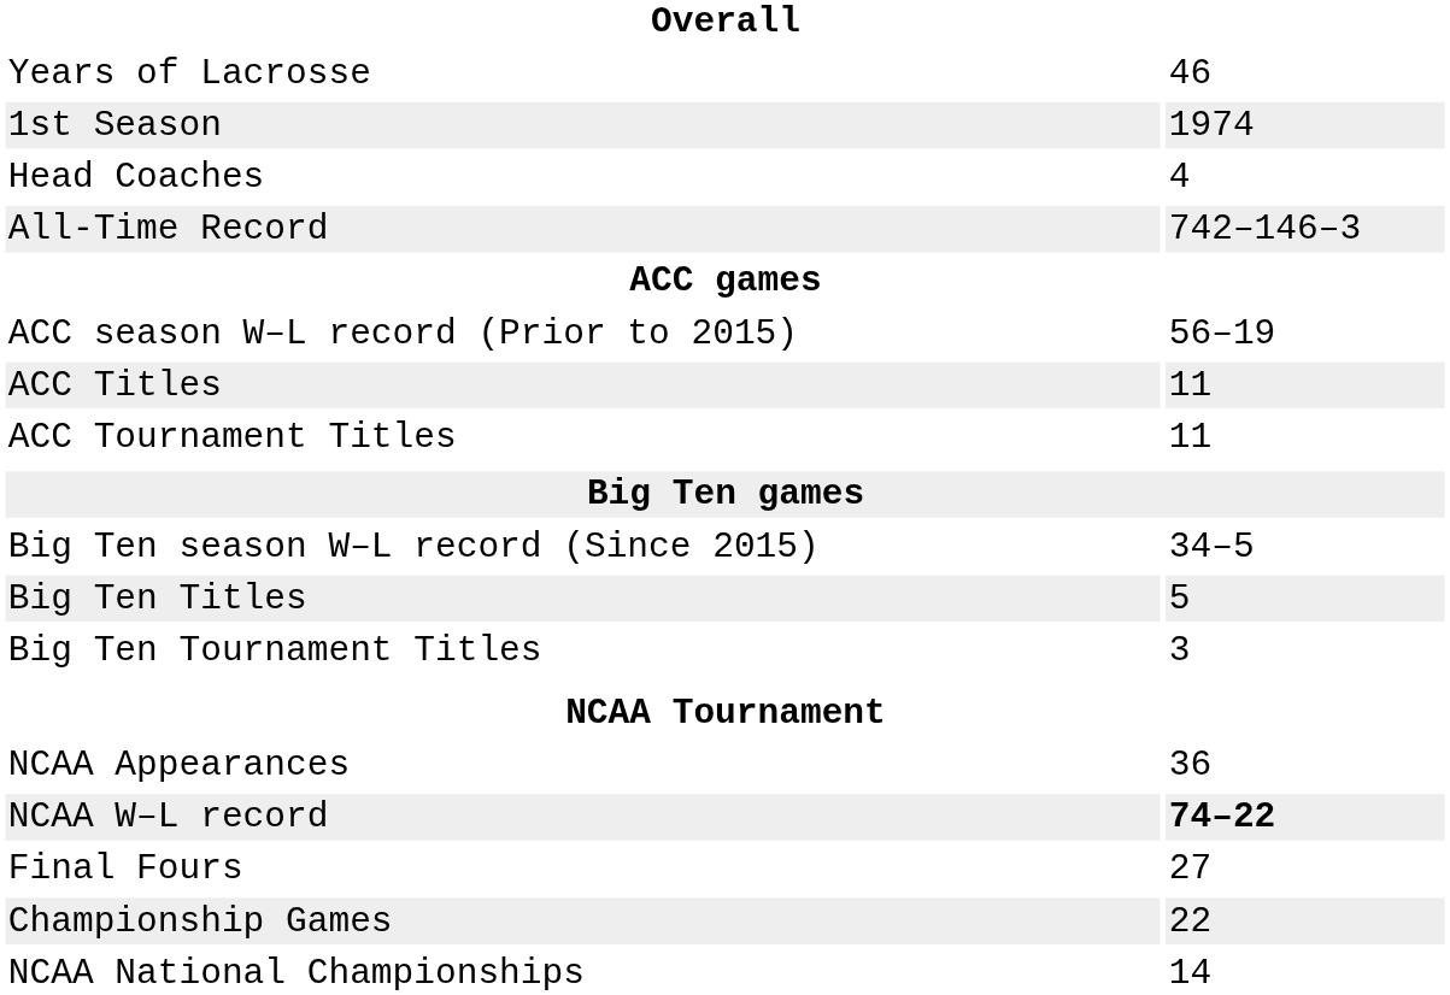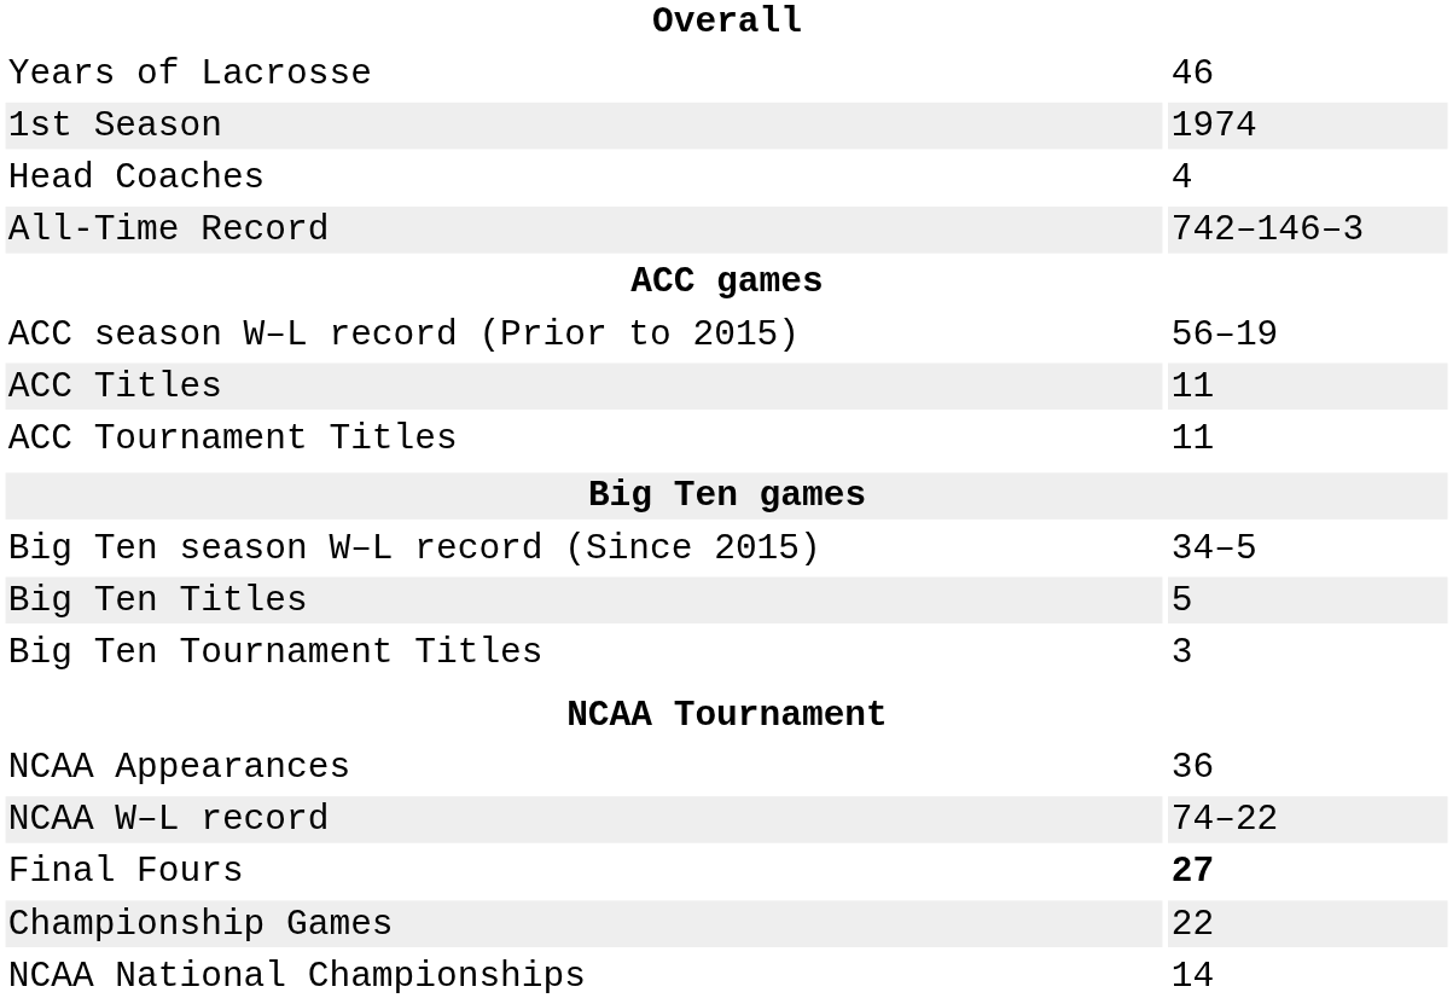 <table width=60% class="toccolours">
 <tr>
 <th colspan=2>Overall</th>
 </tr>
 <tr>
 <td>Years of Lacrosse</td>
 <td>46</td>
 </tr>
 <tr bgcolor=#eeeeee>
 <td>1st Season</td>
 <td>1974</td>
 </tr>
 <tr>
 <td>Head Coaches</td>
 <td>4</td>
 </tr>
 <tr bgcolor=#eeeeee>
 <td>All-Time Record</td>
 <td>742–146–3</td>
 </tr>
 <tr>
 <th colspan=2>ACC games</th>
 </tr>
 <tr>
 <td>ACC season W–L record (Prior to 2015)</td>
 <td>56–19</td>
 </tr>
 <tr bgcolor=#eeeeee>
 <td>ACC Titles</td>
 <td>11</td>
 </tr>
 <tr>
 <td>ACC Tournament Titles</td>
 <td>11</td>
 </tr>
 <tr>
 </tr>
 <tr bgcolor=#eeeeee>
 <th colspan=2>Big Ten games</th>
 </tr>
 <tr>
 <td>Big Ten season W–L record (Since 2015)</td>
 <td>34–5</td>
 </tr>
 <tr bgcolor=#eeeeee>
 <td>Big Ten Titles</td>
 <td>5</td>
 </tr>
 <tr>
 <td>Big Ten Tournament Titles</td>
 <td>3</td>
 </tr>
 <tr>
 </tr>
 <tr bgcolor=#eeeeee>
 </tr>
 <tr>
 <th colspan=2>NCAA Tournament</th>
 </tr>
 <tr>
 <td>NCAA Appearances</td>
 <td>36</td>
 </tr>
 <tr bgcolor=#eeeeee>
 <td>NCAA W–L record</td>
-<td><strong>74–22</strong></td>
+<td>74–22</td>
 </tr>
 <tr>
 <td>Final Fours</td>
-<td>27</td>
+<td><strong>27</strong></td>
 </tr>
 <tr bgcolor=#eeeeee>
 <td>Championship Games</td>
 <td>22</td>
 </tr>
 <tr>
 <td>NCAA National Championships</td>
 <td>14</td>
 </tr>
 </table>
